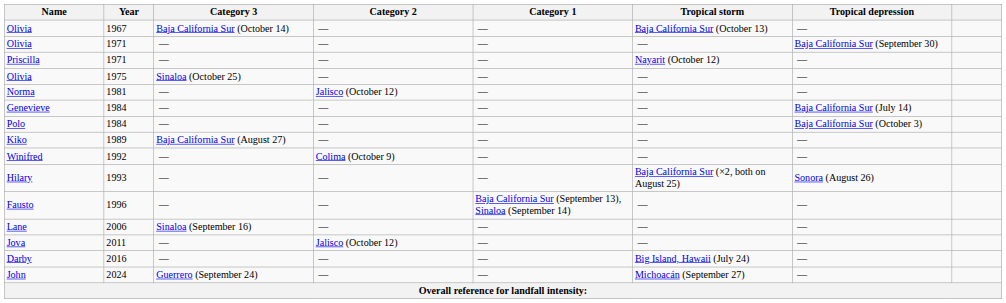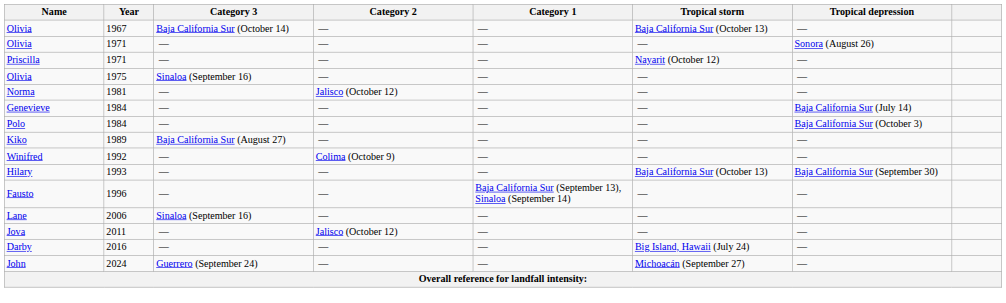 <table class="wikitable sortable" width="100%">
 <tr>
 <th scope="col" width="10%">Name</th>
 <th scope="col" width="5%">Year</th>
 <th scope="col" width="16%" style="background: #">Category 3</th>
 <th scope="col" width="16%" style="background: #">Category 2</th>
 <th scope="col" width="16%" style="background: #">Category 1</th>
 <th scope="col" width="16%" style="background: #">Tropical storm</th>
 <th scope="col" width="16%" style="background: #">Tropical depression</th>
 <th scope="col" width="5%" class="unsortable"></th>
 </tr>
 <tr>
 <td><a href='#'>Olivia</a></td>
 <td>1967</td>
 <td><a href='#'>Baja California Sur</a> (October 14)</td>
 <td> —</td>
 <td> —</td>
 <td><a href='#'>Baja California Sur</a> (October 13)</td>
 <td> —</td>
 <td></td>
 </tr>
 <tr>
 <td><a href='#'>Olivia</a></td>
 <td>1971</td>
 <td> —</td>
 <td> —</td>
 <td> —</td>
 <td> —</td>
-<td><a href='#'>Baja California Sur</a> (September 30)</td>
+<td><a href='#'>Sonora</a> (August 26)</td>
 <td></td>
 </tr>
 <tr>
 <td><a href='#'>Priscilla</a></td>
 <td>1971</td>
 <td> —</td>
 <td> —</td>
 <td> —</td>
 <td><a href='#'>Nayarit</a> (October 12)</td>
 <td> —</td>
 <td></td>
 </tr>
 <tr>
 <td><a href='#'>Olivia</a></td>
 <td>1975</td>
-<td><a href='#'>Sinaloa</a> (October 25)</td>
+<td><a href='#'>Sinaloa</a> (September 16)</td>
 <td> —</td>
 <td> —</td>
 <td> —</td>
 <td> —</td>
 <td></td>
 </tr>
 <tr>
 <td><a href='#'>Norma</a></td>
 <td>1981</td>
 <td> —</td>
 <td><a href='#'>Jalisco</a> (October 12)</td>
 <td> —</td>
 <td> —</td>
 <td> —</td>
 <td></td>
 </tr>
 <tr>
 <td><a href='#'>Genevieve</a></td>
 <td>1984</td>
 <td> —</td>
 <td> —</td>
 <td> —</td>
 <td> —</td>
 <td><a href='#'>Baja California Sur</a> (July 14)</td>
 <td></td>
 </tr>
 <tr>
 <td><a href='#'>Polo</a></td>
 <td>1984</td>
 <td> —</td>
 <td> —</td>
 <td> —</td>
 <td> —</td>
 <td><a href='#'>Baja California Sur</a> (October 3)</td>
 <td></td>
 </tr>
 <tr>
 <td><a href='#'>Kiko</a></td>
 <td>1989</td>
 <td><a href='#'>Baja California Sur</a> (August 27)</td>
 <td> —</td>
 <td> —</td>
 <td> —</td>
 <td> —</td>
 <td></td>
 </tr>
 <tr>
 <td><a href='#'>Winifred</a></td>
 <td>1992</td>
 <td> —</td>
 <td><a href='#'>Colima</a> (October 9)</td>
 <td> —</td>
 <td> —</td>
 <td> —</td>
 <td></td>
 </tr>
 <tr>
 <td><a href='#'>Hilary</a></td>
 <td>1993</td>
 <td> —</td>
 <td> —</td>
 <td> —</td>
-<td><a href='#'>Baja California Sur</a> (×2, both on August 25)</td>
-<td><a href='#'>Sonora</a> (August 26)</td>
+<td><a href='#'>Baja California Sur</a> (October 13)</td>
+<td><a href='#'>Baja California Sur</a> (September 30)</td>
 <td></td>
 </tr>
 <tr>
 <td><a href='#'>Fausto</a></td>
 <td>1996</td>
 <td> —</td>
 <td> —</td>
 <td><a href='#'>Baja California Sur</a> (September 13), <a href='#'>Sinaloa</a> (September 14)</td>
 <td> —</td>
 <td> —</td>
 <td></td>
 </tr>
 <tr>
 <td><a href='#'>Lane</a></td>
 <td>2006</td>
 <td><a href='#'>Sinaloa</a> (September 16)</td>
 <td> —</td>
 <td> —</td>
 <td> —</td>
 <td> —</td>
 <td></td>
 </tr>
 <tr>
 <td><a href='#'>Jova</a></td>
 <td>2011</td>
 <td> —</td>
 <td><a href='#'>Jalisco</a> (October 12)</td>
 <td> —</td>
 <td> —</td>
 <td> —</td>
 <td></td>
 </tr>
 <tr>
 <td><a href='#'>Darby</a></td>
 <td>2016</td>
 <td> —</td>
 <td> —</td>
 <td> —</td>
 <td><a href='#'>Big Island, Hawaii</a> (July 24)</td>
 <td> —</td>
 <td></td>
 </tr>
 <tr>
 <td><a href='#'>John</a></td>
 <td>2024</td>
 <td><a href='#'>Guerrero</a> (September 24)</td>
 <td> —</td>
 <td> —</td>
 <td><a href='#'>Michoacán</a> (September 27)</td>
 <td> —</td>
 <td></td>
 </tr>
 <tr>
 <th colspan="8">Overall reference for landfall intensity:</th>
 </tr>
 </table>
